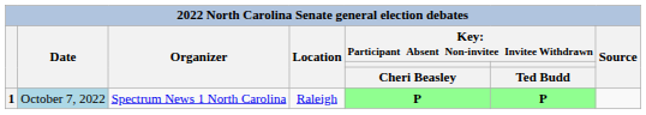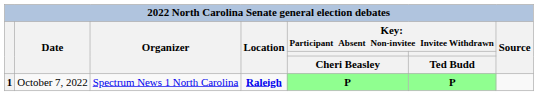 <table class="wikitable" style="text-align:center;">
 <tr>
 <th colspan="7" style="background-color:#B0C4DE;">2022 North Carolina Senate general election debates</th>
 </tr>
 <tr>
 <th rowspan="3"></th>
 <th rowspan="3">Date</th>
 <th rowspan="3">Organizer</th>
 <th rowspan="3">Location</th>
 <th colspan="2">Key:<br> <small>Participant </small>  <small>Absent </small>  <small>Non-invitee </small>  <small>Invitee  Withdrawn</small></th>
 <th rowspan="3">Source</th>
 </tr>
 <tr>
 <th scope="col" style="background:"></th>
 <th scope="col" style="background:"></th>
 </tr>
 <tr>
 <th>Cheri Beasley</th>
 <th>Ted Budd</th>
 </tr>
 <tr>
 <th>1</th>
-<td style="background: lightblue;">October 7, 2022</td>
+<td>October 7, 2022</td>
 <td><a href='#'>Spectrum News 1 North Carolina</a></td>
-<td><a href='#'>Raleigh</a></td>
+<td><strong><a href='#'>Raleigh</a></strong></td>
 <td style="background-color:#90ff90;"><strong>P</strong></td>
 <td style="background-color:#90ff90;"><strong>P</strong></td>
 <td></td>
 </tr>
 </table>
